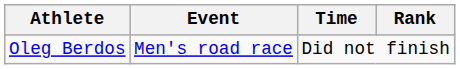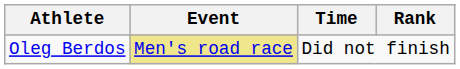 <table class="wikitable" style="font-size:90%">
 <tr>
 <th>Athlete</th>
 <th>Event</th>
 <th>Time</th>
 <th>Rank</th>
 </tr>
 <tr align=center>
 <td align=left><a href='#'>Oleg Berdos</a></td>
-<td align=left><a href='#'>Men's road race</a></td>
+<td align=left style="background: khaki;"><a href='#'>Men's road race</a></td>
 <td colspan=2>Did not finish</td>
 </tr>
 </table>
